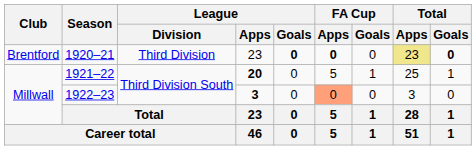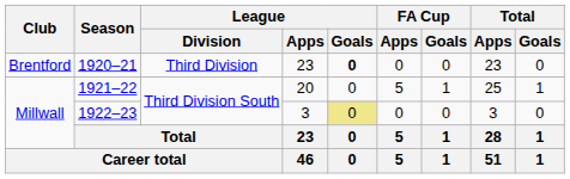 <table class="wikitable" style="text-align: center;">
 <tr>
 <th rowspan="2">Club</th>
 <th rowspan="2">Season</th>
 <th colspan="3">League</th>
 <th colspan="2">FA Cup</th>
 <th colspan="2">Total</th>
 </tr>
 <tr>
 <th>Division</th>
 <th>Apps</th>
 <th>Goals</th>
 <th>Apps</th>
 <th>Goals</th>
 <th>Apps</th>
 <th>Goals</th>
 </tr>
 <tr>
 <td><a href='#'>Brentford</a></td>
 <td><a href='#'>1920–21</a></td>
 <td><a href='#'>Third Division</a></td>
 <td>23</td>
 <td><strong>0</strong></td>
-<td><strong>0</strong></td>
 <td>0</td>
-<td style="background: khaki;">23</td>
-<td><strong>0</strong></td>
+<td>0</td>
+<td>23</td>
+<td>0</td>
 </tr>
 <tr>
 <td rowspan="3"><a href='#'>Millwall</a></td>
 <td><a href='#'>1921–22</a></td>
 <td rowspan="2"><a href='#'>Third Division South</a></td>
-<td><strong>20</strong></td>
+<td>20</td>
 <td>0</td>
 <td>5</td>
 <td>1</td>
 <td>25</td>
 <td>1</td>
 </tr>
 <tr>
 <td><a href='#'>1922–23</a></td>
-<td><strong>3</strong></td>
+<td>3</td>
+<td style="background: khaki;">0</td>
 <td>0</td>
-<td style="background: lightsalmon;">0</td>
 <td>0</td>
 <td>3</td>
 <td>0</td>
 </tr>
 <tr>
 <th colspan="2">Total</th>
 <th>23</th>
 <th>0</th>
 <th>5</th>
 <th>1</th>
 <th>28</th>
 <th>1</th>
 </tr>
 <tr>
 <th colspan="3">Career total</th>
 <th>46</th>
 <th>0</th>
 <th>5</th>
 <th>1</th>
 <th>51</th>
 <th>1</th>
 </tr>
 </table>
